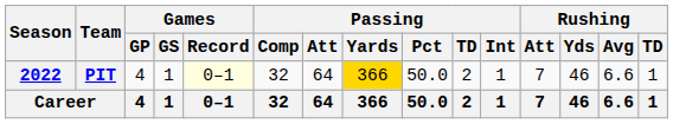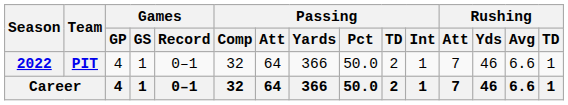 <table class=wikitable style="text-align:center;">
 <tr>
 <th rowspan="2">Season</th>
 <th rowspan="2">Team</th>
 <th colspan="3">Games</th>
 <th colspan="6">Passing</th>
 <th colspan="4">Rushing</th>
 </tr>
 <tr>
 <th>GP</th>
 <th>GS</th>
 <th>Record</th>
 <th>Comp</th>
 <th>Att</th>
 <th>Yards</th>
 <th>Pct</th>
 <th>TD</th>
 <th>Int</th>
 <th>Att</th>
 <th>Yds</th>
 <th>Avg</th>
 <th>TD</th>
 </tr>
 <tr>
 <th><a href='#'>2022</a></th>
 <th><a href='#'>PIT</a></th>
 <td>4</td>
 <td>1</td>
-<td style="background: lightyellow;">0–1</td>
+<td>0–1</td>
 <td>32</td>
 <td>64</td>
-<td style="background: gold;">366</td>
+<td>366</td>
 <td>50.0</td>
 <td>2</td>
 <td>1</td>
 <td>7</td>
 <td>46</td>
 <td>6.6</td>
 <td>1</td>
 </tr>
 <tr>
 <th colspan="2">Career</th>
 <th>4</th>
 <th>1</th>
 <th>0–1</th>
 <th>32</th>
 <th>64</th>
 <th>366</th>
 <th>50.0</th>
 <th>2</th>
 <th>1</th>
 <th>7</th>
 <th>46</th>
 <th>6.6</th>
 <th>1</th>
 </tr>
 </table>
